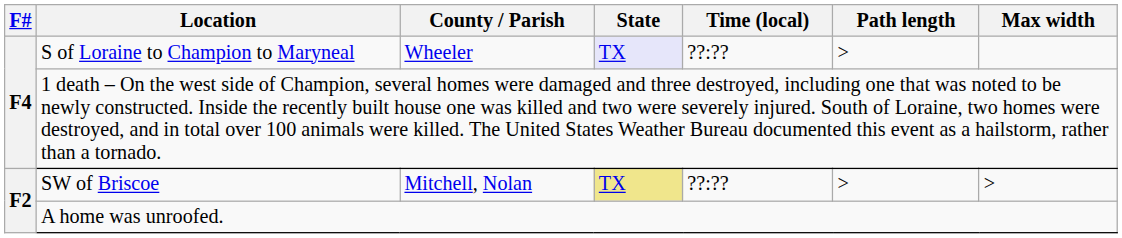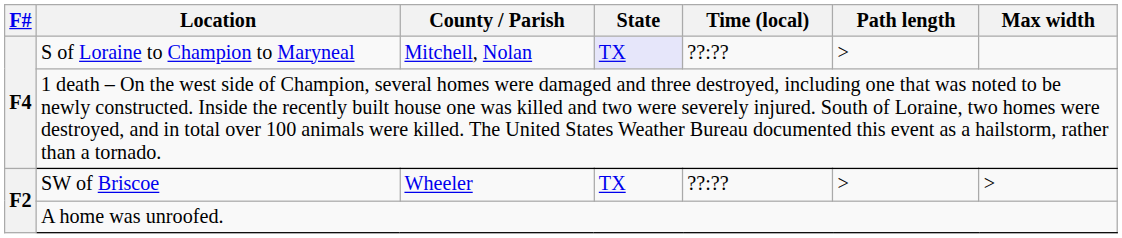 <table class="wikitable sortable" style="width:100%;">
 <tr>
 <th scope="col" align="center"><a href='#'>F#</a><br></th>
 <th scope="col" align="center" class="unsortable">Location</th>
 <th scope="col" align="center" class="unsortable">County / Parish</th>
 <th scope="col" align="center">State</th>
 <th scope="col" align="center">Time (local)</th>
 <th scope="col" align="center">Path length</th>
 <th scope="col" align="center">Max width</th>
 </tr>
 <tr>
 <th scope="row" rowspan="2" style="background-color:#">F4</th>
 <td>S of <a href='#'>Loraine</a> to <a href='#'>Champion</a> to <a href='#'>Maryneal</a></td>
-<td><a href='#'>Wheeler</a></td>
+<td><a href='#'>Mitchell</a>, <a href='#'>Nolan</a></td>
 <td style="background: lavender;"><a href='#'>TX</a></td>
 <td>??:??</td>
 <td>></td>
 <td></td>
 </tr>
 <tr class="expand-child">
 <td colspan="6" style="border-bottom: 1px solid black;">1 death – On the west side of Champion, several homes were damaged and three destroyed, including one that was noted to be newly constructed. Inside the recently built house one was killed and two were severely injured. South of Loraine, two homes were destroyed, and in total over 100 animals were killed. The United States Weather Bureau documented this event as a hailstorm, rather than a tornado.</td>
 </tr>
 <tr>
 <th scope="row" rowspan="2" style="background-color:#">F2</th>
 <td>SW of <a href='#'>Briscoe</a></td>
-<td><a href='#'>Mitchell</a>, <a href='#'>Nolan</a></td>
-<td style="background: khaki;"><a href='#'>TX</a></td>
+<td><a href='#'>Wheeler</a></td>
+<td><a href='#'>TX</a></td>
 <td>??:??</td>
 <td>></td>
 <td>></td>
 </tr>
 <tr class="expand-child">
 <td colspan="6" style="border-bottom: 1px solid black;">A home was unroofed.</td>
 </tr>
 </table>
